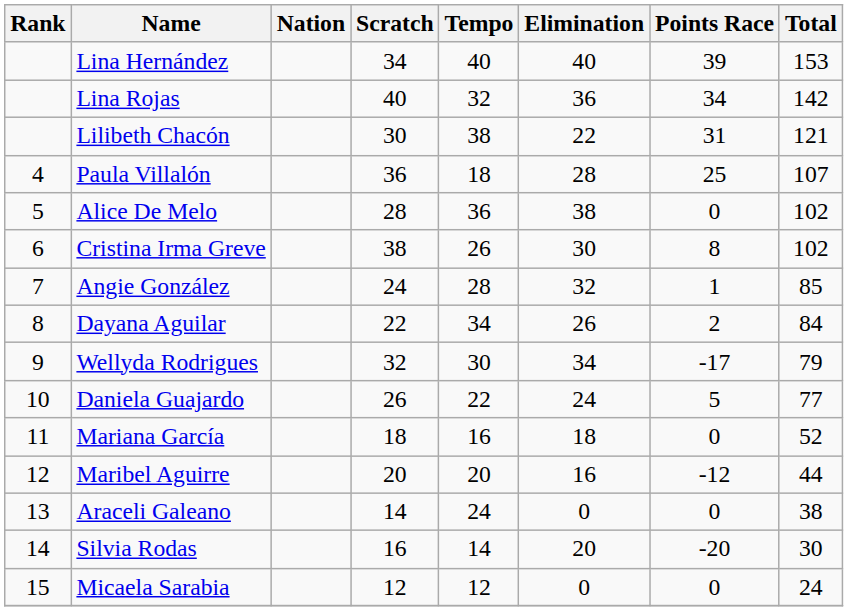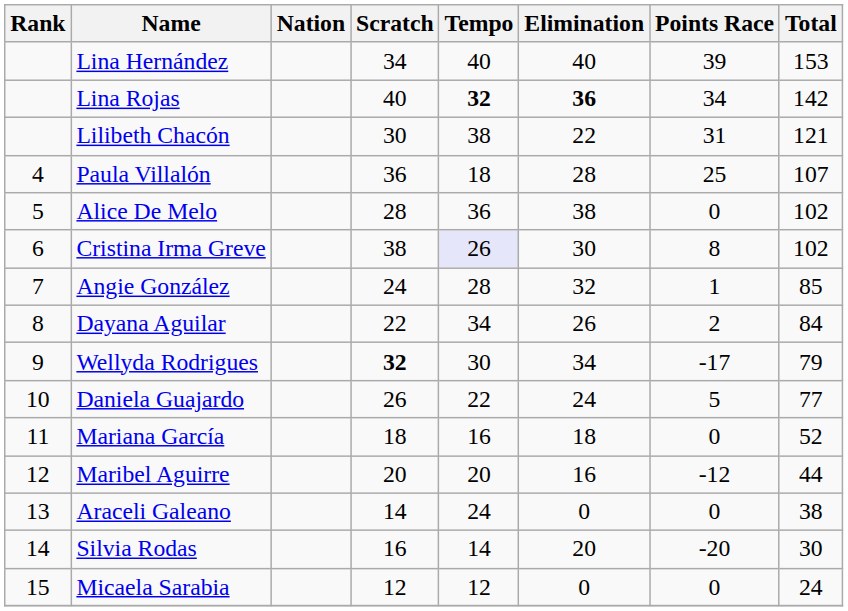 <table class="wikitable sortable" style="text-align:center">
 <tr>
 <th>Rank</th>
 <th>Name</th>
 <th>Nation</th>
 <th>Scratch</th>
 <th>Tempo</th>
 <th>Elimination</th>
 <th>Points Race</th>
 <th>Total</th>
 </tr>
 <tr>
 <td></td>
 <td align=left><a href='#'>Lina Hernández</a></td>
 <td align=left></td>
 <td>34</td>
 <td>40</td>
 <td>40</td>
 <td>39</td>
 <td>153</td>
 </tr>
 <tr>
 <td></td>
 <td align=left><a href='#'>Lina Rojas</a></td>
 <td align=left></td>
 <td>40</td>
-<td>32</td>
-<td>36</td>
+<td><strong>32</strong></td>
+<td><strong>36</strong></td>
 <td>34</td>
 <td>142</td>
 </tr>
 <tr>
 <td></td>
 <td align=left><a href='#'>Lilibeth Chacón</a></td>
 <td align=left></td>
 <td>30</td>
 <td>38</td>
 <td>22</td>
 <td>31</td>
 <td>121</td>
 </tr>
 <tr>
 <td>4</td>
 <td align=left><a href='#'>Paula Villalón</a></td>
 <td align=left></td>
 <td>36</td>
 <td>18</td>
 <td>28</td>
 <td>25</td>
 <td>107</td>
 </tr>
 <tr>
 <td>5</td>
 <td align=left><a href='#'>Alice De Melo</a></td>
 <td align=left></td>
 <td>28</td>
 <td>36</td>
 <td>38</td>
 <td>0</td>
 <td>102</td>
 </tr>
 <tr>
 <td>6</td>
 <td align=left><a href='#'>Cristina Irma Greve</a></td>
 <td align=left></td>
 <td>38</td>
-<td>26</td>
+<td style="background: lavender;">26</td>
 <td>30</td>
 <td>8</td>
 <td>102</td>
 </tr>
 <tr>
 <td>7</td>
 <td align=left><a href='#'>Angie González</a></td>
 <td align=left></td>
 <td>24</td>
 <td>28</td>
 <td>32</td>
 <td>1</td>
 <td>85</td>
 </tr>
 <tr>
 <td>8</td>
 <td align=left><a href='#'>Dayana Aguilar</a></td>
 <td align=left></td>
 <td>22</td>
 <td>34</td>
 <td>26</td>
 <td>2</td>
 <td>84</td>
 </tr>
 <tr>
 <td>9</td>
 <td align=left><a href='#'>Wellyda Rodrigues</a></td>
 <td align=left></td>
-<td>32</td>
+<td><strong>32</strong></td>
 <td>30</td>
 <td>34</td>
 <td>-17</td>
 <td>79</td>
 </tr>
 <tr>
 <td>10</td>
 <td align=left><a href='#'>Daniela Guajardo</a></td>
 <td align=left></td>
 <td>26</td>
 <td>22</td>
 <td>24</td>
 <td>5</td>
 <td>77</td>
 </tr>
 <tr>
 <td>11</td>
 <td align=left><a href='#'>Mariana García</a></td>
 <td align=left></td>
 <td>18</td>
 <td>16</td>
 <td>18</td>
 <td>0</td>
 <td>52</td>
 </tr>
 <tr>
 <td>12</td>
 <td align=left><a href='#'>Maribel Aguirre</a></td>
 <td align=left></td>
 <td>20</td>
 <td>20</td>
 <td>16</td>
 <td>-12</td>
 <td>44</td>
 </tr>
 <tr>
 <td>13</td>
 <td align=left><a href='#'>Araceli Galeano</a></td>
 <td align=left></td>
 <td>14</td>
 <td>24</td>
 <td>0</td>
 <td>0</td>
 <td>38</td>
 </tr>
 <tr>
 <td>14</td>
 <td align=left><a href='#'>Silvia Rodas</a></td>
 <td align=left></td>
 <td>16</td>
 <td>14</td>
 <td>20</td>
 <td>-20</td>
 <td>30</td>
 </tr>
 <tr>
 <td>15</td>
 <td align=left><a href='#'>Micaela Sarabia</a></td>
 <td align=left></td>
 <td>12</td>
 <td>12</td>
 <td>0</td>
 <td>0</td>
 <td>24</td>
 </tr>
 <tr>
 </tr>
 </table>
